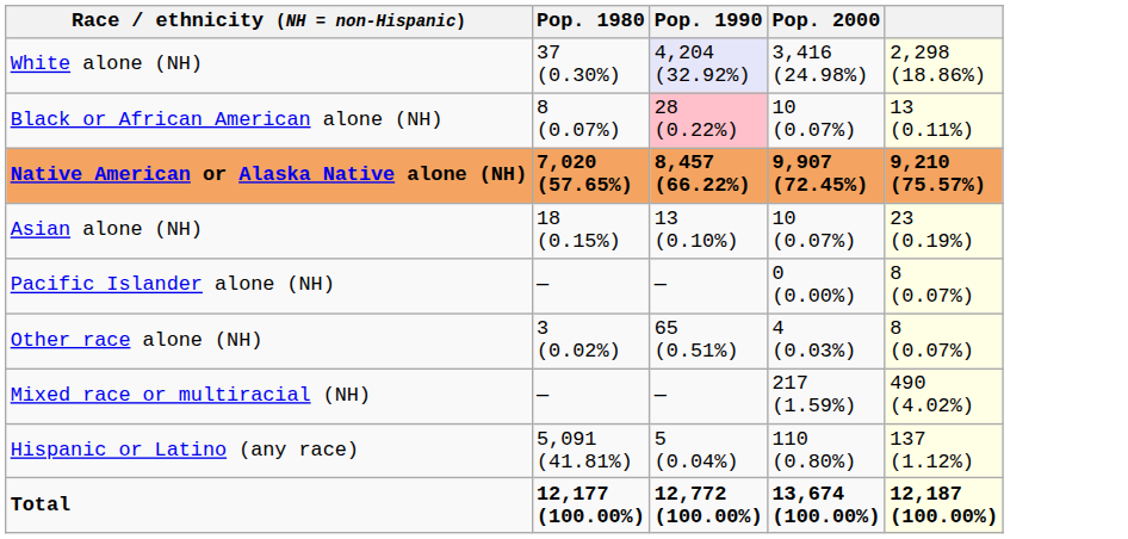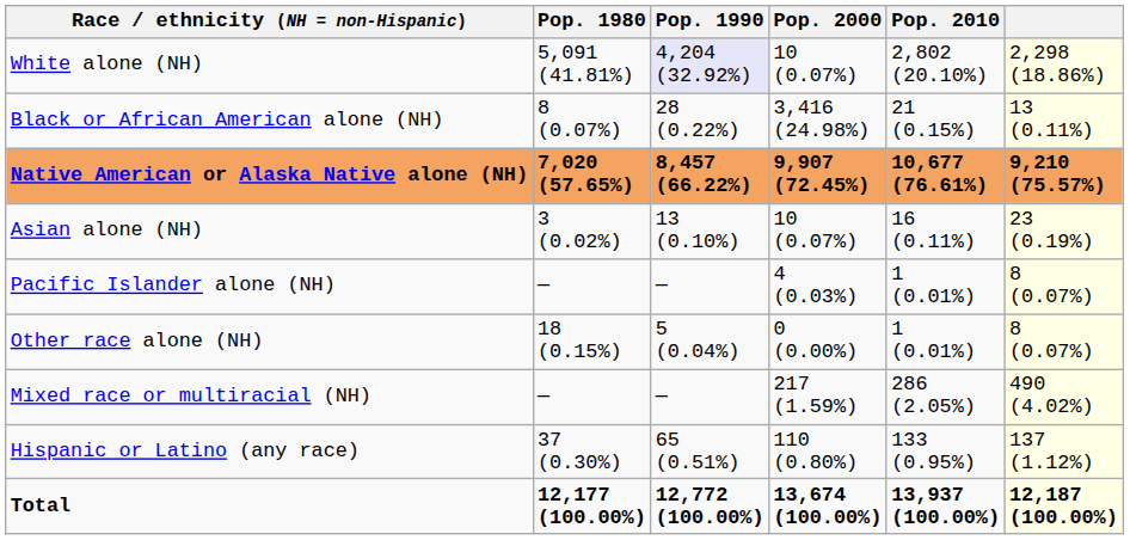 <table class="wikitable sortable collapsible" style="font-size: 95%;">
 <tr>
 <th>Race / ethnicity <small>(<em>NH = non-Hispanic</em>)</small></th>
 <th>Pop. 1980</th>
 <th>Pop. 1990</th>
 <th>Pop. 2000</th>
+<th>Pop. 2010</th>
 <th></th>
 </tr>
 <tr>
 <td><a href='#'>White</a> alone (NH)</td>
-<td>37<br>(0.30%)</td>
+<td>5,091<br>(41.81%)</td>
 <td style="background: lavender;">4,204<br>(32.92%)</td>
-<td>3,416<br>(24.98%)</td>
+<td>10<br>(0.07%)</td>
+<td>2,802<br>(20.10%)</td>
 <td style='background: #ffffe6;'>2,298<br>(18.86%)</td>
 </tr>
 <tr>
 <td><a href='#'>Black or African American</a> alone (NH)</td>
 <td>8<br>(0.07%)</td>
-<td style="background: pink;">28<br>(0.22%)</td>
-<td>10<br>(0.07%)</td>
+<td>28<br>(0.22%)</td>
+<td>3,416<br>(24.98%)</td>
+<td>21<br>(0.15%)</td>
 <td style='background: #ffffe6;'>13<br>(0.11%)</td>
 </tr>
 <tr style='background: #F4A460;'>
 <td><strong><a href='#'>Native American</a> or <a href='#'>Alaska Native</a> alone (NH)</strong></td>
 <td><strong>7,020<br>(57.65%)</strong></td>
 <td><strong>8,457<br>(66.22%)</strong></td>
 <td><strong>9,907<br>(72.45%)</strong></td>
+<td><strong>10,677<br>(76.61%)</strong></td>
 <td><strong>9,210<br>(75.57%)</strong></td>
 </tr>
 <tr>
 <td><a href='#'>Asian</a> alone (NH)</td>
-<td>18<br>(0.15%)</td>
+<td>3<br>(0.02%)</td>
 <td>13<br>(0.10%)</td>
 <td>10<br>(0.07%)</td>
+<td>16<br>(0.11%)</td>
 <td style='background: #ffffe6;'>23<br>(0.19%)</td>
 </tr>
 <tr>
 <td><a href='#'>Pacific Islander</a> alone (NH)</td>
 <td>—</td>
 <td>—</td>
-<td>0<br>(0.00%)</td>
+<td>4<br>(0.03%)</td>
+<td>1<br>(0.01%)</td>
 <td style='background: #ffffe6;'>8<br>(0.07%)</td>
 </tr>
 <tr>
 <td><a href='#'>Other race</a> alone (NH)</td>
-<td>3<br>(0.02%)</td>
-<td>65<br>(0.51%)</td>
-<td>4<br>(0.03%)</td>
+<td>18<br>(0.15%)</td>
+<td>5<br>(0.04%)</td>
+<td>0<br>(0.00%)</td>
+<td>1<br>(0.01%)</td>
 <td style='background: #ffffe6;'>8<br>(0.07%)</td>
 </tr>
 <tr>
 <td><a href='#'>Mixed race or multiracial</a> (NH)</td>
 <td>—</td>
 <td>—</td>
 <td>217<br>(1.59%)</td>
+<td>286<br>(2.05%)</td>
 <td style='background: #ffffe6;'>490<br>(4.02%)</td>
 </tr>
 <tr>
 <td><a href='#'>Hispanic or Latino</a> (any race)</td>
-<td>5,091<br>(41.81%)</td>
-<td>5<br>(0.04%)</td>
+<td>37<br>(0.30%)</td>
+<td>65<br>(0.51%)</td>
 <td>110<br>(0.80%)</td>
+<td>133<br>(0.95%)</td>
 <td style='background: #ffffe6;'>137<br>(1.12%)</td>
 </tr>
 <tr>
 <td><strong>Total</strong></td>
 <td><strong>12,177<br>(100.00%)</strong></td>
 <td><strong>12,772<br>(100.00%)</strong></td>
 <td><strong>13,674<br>(100.00%)</strong></td>
+<td><strong>13,937<br>(100.00%)</strong></td>
 <td style='background: #ffffe6;'><strong>12,187<br>(100.00%)</strong></td>
 </tr>
 </table>
